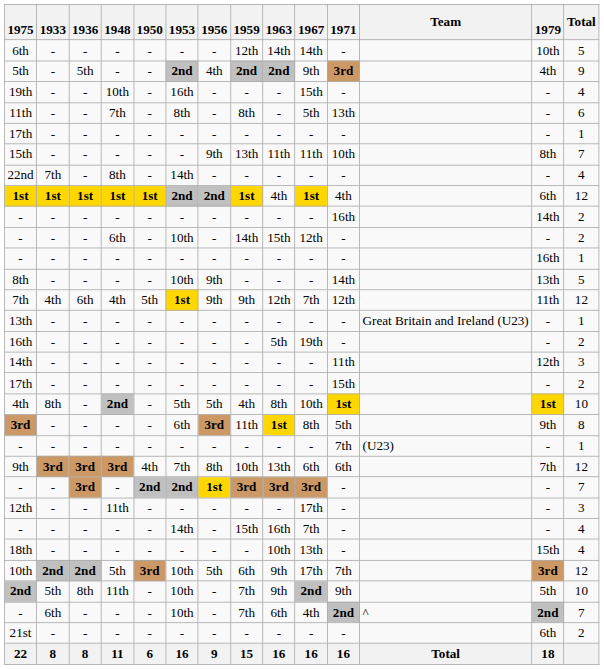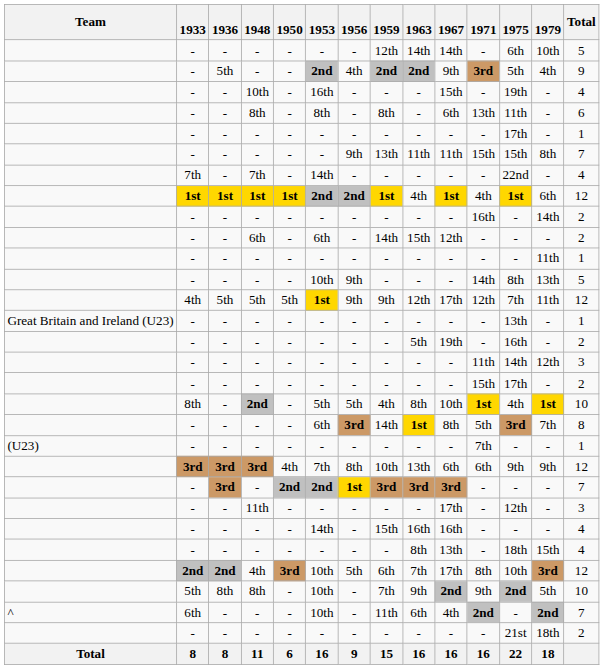 <table class=wikitable style="text-align:center">
 <tr>
-<th><br>1975</th>
+<th>Team</th>
 <th><br>1933</th>
 <th><br>1936</th>
 <th><br>1948</th>
 <th><br>1950</th>
 <th><br>1953</th>
 <th><br>1956</th>
 <th><br>1959</th>
 <th><br>1963</th>
 <th><br>1967</th>
 <th><br>1971</th>
-<th>Team</th>
+<th><br>1975</th>
 <th><br>1979</th>
 <th>Total</th>
 </tr>
 <tr>
-<td>6th</td>
+<td align=left></td>
 <td>-</td>
 <td>-</td>
 <td>-</td>
 <td>-</td>
 <td>-</td>
 <td>-</td>
 <td>12th</td>
 <td>14th</td>
 <td>14th</td>
 <td>-</td>
-<td align=left></td>
+<td>6th</td>
 <td>10th</td>
 <td>5</td>
 </tr>
 <tr>
-<td>5th</td>
+<td align=left></td>
 <td>-</td>
 <td>5th</td>
 <td>-</td>
 <td>-</td>
 <td bgcolor=silver><strong>2nd</strong></td>
 <td>4th</td>
 <td bgcolor=silver><strong>2nd</strong></td>
 <td bgcolor=silver><strong>2nd</strong></td>
 <td>9th</td>
 <td bgcolor=#cc9966><strong>3rd</strong></td>
-<td align=left></td>
+<td>5th</td>
 <td>4th</td>
 <td>9</td>
 </tr>
 <tr>
-<td>19th</td>
+<td align=left></td>
 <td>-</td>
 <td>-</td>
 <td>10th</td>
 <td>-</td>
 <td>16th</td>
 <td>-</td>
 <td>-</td>
 <td>-</td>
 <td>15th</td>
 <td>-</td>
-<td align=left></td>
+<td>19th</td>
 <td>-</td>
 <td>4</td>
 </tr>
 <tr>
-<td>11th</td>
+<td align=left></td>
 <td>-</td>
-<td>-</td>
-<td>7th</td>
 <td>-</td>
 <td>8th</td>
 <td>-</td>
 <td>8th</td>
 <td>-</td>
-<td>5th</td>
+<td>8th</td>
+<td>-</td>
+<td>6th</td>
 <td>13th</td>
-<td align=left></td>
+<td>11th</td>
 <td>-</td>
 <td>6</td>
 </tr>
 <tr>
-<td 20th>17th</td>
+<td align=left></td>
 <td>-</td>
 <td>-</td>
 <td>-</td>
 <td>-</td>
 <td>-</td>
 <td>-</td>
 <td>-</td>
 <td>-</td>
 <td>-</td>
 <td>-</td>
-<td align=left></td>
+<td 20th>17th</td>
 <td>-</td>
 <td>1</td>
 </tr>
 <tr>
-<td>15th</td>
+<td align=left></td>
 <td>-</td>
 <td>-</td>
 <td>-</td>
 <td>-</td>
 <td>-</td>
 <td>9th</td>
 <td>13th</td>
 <td>11th</td>
 <td>11th</td>
-<td>10th</td>
-<td align=left></td>
+<td>15th</td>
+<td>15th</td>
 <td>8th</td>
 <td>7</td>
 </tr>
 <tr>
-<td>22nd</td>
+<td align=left></td>
 <td>7th</td>
 <td>-</td>
-<td>8th</td>
+<td>7th</td>
 <td>-</td>
 <td>14th</td>
 <td>-</td>
 <td>-</td>
 <td>-</td>
 <td>-</td>
 <td>-</td>
-<td align=left></td>
+<td>22nd</td>
 <td>-</td>
 <td>4</td>
 </tr>
 <tr>
-<td bgcolor="gold"><strong>1st</strong></td>
+<td align="left"></td>
 <td bgcolor="gold"><strong>1st</strong></td>
 <td bgcolor="gold"><strong>1st</strong></td>
 <td bgcolor="gold"><strong>1st</strong></td>
 <td bgcolor="gold"><strong>1st</strong></td>
 <td bgcolor="silver"><strong>2nd</strong></td>
 <td bgcolor="silver"><strong>2nd</strong></td>
 <td bgcolor="gold"><strong>1st</strong></td>
 <td>4th</td>
 <td bgcolor="gold"><strong>1st</strong></td>
 <td>4th</td>
-<td align="left"></td>
+<td bgcolor="gold"><strong>1st</strong></td>
 <td>6th</td>
 <td>12</td>
 </tr>
 <tr>
-<td>-</td>
+<td align="left"></td>
 <td>-</td>
 <td>-</td>
 <td>-</td>
 <td>-</td>
 <td>-</td>
 <td>-</td>
 <td>-</td>
 <td>-</td>
 <td>-</td>
 <td>16th</td>
-<td align="left"></td>
+<td>-</td>
 <td>14th</td>
 <td>2</td>
 </tr>
 <tr>
-<td>-</td>
+<td align="left"></td>
 <td>-</td>
 <td>-</td>
 <td>6th</td>
 <td>-</td>
-<td>10th</td>
+<td>6th</td>
 <td>-</td>
 <td>14th</td>
 <td>15th</td>
 <td>12th</td>
 <td>-</td>
-<td align="left"></td>
+<td>-</td>
 <td>-</td>
 <td>2</td>
 </tr>
 <tr>
+<td align="left"></td>
 <td>-</td>
 <td>-</td>
 <td>-</td>
 <td>-</td>
 <td>-</td>
 <td>-</td>
 <td>-</td>
 <td>-</td>
 <td>-</td>
 <td>-</td>
 <td>-</td>
-<td align="left"></td>
-<td>16th</td>
+<td>11th</td>
 <td>1</td>
 </tr>
 <tr>
-<td>8th</td>
+<td align="left"></td>
 <td>-</td>
 <td>-</td>
 <td>-</td>
 <td>-</td>
 <td>10th</td>
 <td>9th</td>
 <td>-</td>
 <td>-</td>
 <td>-</td>
 <td>14th</td>
-<td align="left"></td>
+<td>8th</td>
 <td>13th</td>
 <td>5</td>
 </tr>
 <tr>
-<td>7th</td>
+<td align="left"></td>
 <td>4th</td>
-<td>6th</td>
-<td>4th</td>
+<td>5th</td>
+<td>5th</td>
 <td>5th</td>
 <td bgcolor="gold"><strong>1st</strong></td>
 <td>9th</td>
 <td>9th</td>
 <td>12th</td>
+<td>17th</td>
+<td>12th</td>
 <td>7th</td>
-<td>12th</td>
-<td align="left"></td>
 <td>11th</td>
 <td>12</td>
 </tr>
 <tr>
-<td>13th</td>
+<td align=left>Great Britain and Ireland (U23)</td>
 <td>-</td>
 <td>-</td>
 <td>-</td>
 <td>-</td>
 <td>-</td>
 <td>-</td>
 <td>-</td>
 <td>-</td>
 <td>-</td>
 <td>-</td>
-<td align=left>Great Britain and Ireland (U23)</td>
+<td>13th</td>
 <td>-</td>
 <td>1</td>
 </tr>
 <tr>
-<td>16th</td>
+<td align=left></td>
 <td>-</td>
 <td>-</td>
 <td>-</td>
 <td>-</td>
 <td>-</td>
 <td>-</td>
 <td>-</td>
 <td>5th</td>
 <td>19th</td>
 <td>-</td>
-<td align=left></td>
+<td>16th</td>
 <td>-</td>
 <td>2</td>
 </tr>
 <tr>
-<td>14th</td>
+<td align=left></td>
 <td>-</td>
 <td>-</td>
 <td>-</td>
 <td>-</td>
 <td>-</td>
 <td>-</td>
 <td>-</td>
 <td>-</td>
 <td>-</td>
 <td>11th</td>
-<td align=left></td>
+<td>14th</td>
 <td>12th</td>
 <td>3</td>
 </tr>
 <tr>
-<td>17th</td>
+<td align=left></td>
 <td>-</td>
 <td>-</td>
 <td>-</td>
 <td>-</td>
 <td>-</td>
 <td>-</td>
 <td>-</td>
 <td>-</td>
 <td>-</td>
 <td>15th</td>
-<td align=left></td>
+<td>17th</td>
 <td>-</td>
 <td>2</td>
 </tr>
 <tr>
-<td>4th</td>
+<td align=left></td>
 <td>8th</td>
 <td>-</td>
 <td bgcolor=silver><strong>2nd</strong></td>
 <td>-</td>
 <td>5th</td>
 <td>5th</td>
 <td>4th</td>
 <td>8th</td>
 <td>10th</td>
 <td bgcolor=gold><strong>1st</strong></td>
-<td align=left></td>
+<td>4th</td>
 <td bgcolor=gold><strong>1st</strong></td>
 <td>10</td>
 </tr>
 <tr>
-<td bgcolor=#cc9966><strong>3rd</strong></td>
+<td align=left></td>
 <td>-</td>
 <td>-</td>
 <td>-</td>
 <td>-</td>
 <td>6th</td>
 <td bgcolor=#cc9966><strong>3rd</strong></td>
-<td>11th</td>
+<td>14th</td>
 <td bgcolor=gold><strong>1st</strong></td>
 <td>8th</td>
 <td>5th</td>
-<td align=left></td>
-<td>9th</td>
+<td bgcolor=#cc9966><strong>3rd</strong></td>
+<td>7th</td>
 <td>8</td>
 </tr>
 <tr>
+<td align=left> (U23)</td>
+<td>-</td>
+<td>-</td>
+<td>-</td>
+<td>-</td>
+<td>-</td>
+<td>-</td>
+<td>-</td>
+<td>-</td>
+<td>-</td>
+<td>7th</td>
+<td>-</td>
+<td>-</td>
+<td>1</td>
+</tr>
+<tr>
+<td align=left></td>
+<td bgcolor=#cc9966><strong>3rd</strong></td>
+<td bgcolor=#cc9966><strong>3rd</strong></td>
+<td bgcolor=#cc9966><strong>3rd</strong></td>
+<td>4th</td>
+<td>7th</td>
+<td>8th</td>
+<td>10th</td>
+<td>13th</td>
+<td>6th</td>
+<td>6th</td>
+<td>9th</td>
+<td>9th</td>
+<td>12</td>
+</tr>
+<tr>
+<td align=left></td>
+<td>-</td>
+<td bgcolor=#cc9966><strong>3rd</strong></td>
+<td>-</td>
+<td bgcolor=silver><strong>2nd</strong></td>
+<td bgcolor=silver><strong>2nd</strong></td>
+<td bgcolor=gold><strong>1st</strong></td>
+<td bgcolor=#cc9966><strong>3rd</strong></td>
+<td bgcolor=#cc9966><strong>3rd</strong></td>
+<td bgcolor=#cc9966><strong>3rd</strong></td>
+<td>-</td>
+<td>-</td>
+<td>-</td>
+<td>7</td>
+</tr>
+<tr>
+<td align="left"></td>
+<td>-</td>
+<td>-</td>
+<td>11th</td>
+<td>-</td>
+<td>-</td>
+<td>-</td>
+<td>-</td>
+<td>-</td>
+<td>17th</td>
+<td>-</td>
+<td>12th</td>
+<td>-</td>
+<td>3</td>
+</tr>
+<tr>
+<td align="left"></td>
+<td>-</td>
+<td>-</td>
+<td>-</td>
+<td>-</td>
+<td>14th</td>
+<td>-</td>
+<td>15th</td>
+<td>16th</td>
+<td>16th</td>
+<td>-</td>
+<td>-</td>
+<td>-</td>
+<td>4</td>
+</tr>
+<tr>
+<td align=left></td>
+<td>-</td>
+<td>-</td>
+<td>-</td>
+<td>-</td>
+<td>-</td>
+<td>-</td>
+<td>-</td>
+<td>8th</td>
+<td>13th</td>
+<td>-</td>
+<td>18th</td>
+<td>15th</td>
+<td>4</td>
+</tr>
+<tr>
+<td align=left></td>
+<td bgcolor=silver><strong>2nd</strong></td>
+<td bgcolor=silver><strong>2nd</strong></td>
+<td>4th</td>
+<td bgcolor=#cc9966><strong>3rd</strong></td>
+<td>10th</td>
+<td>5th</td>
+<td>6th</td>
+<td>7th</td>
+<td>17th</td>
+<td>8th</td>
+<td>10th</td>
+<td bgcolor=#cc9966><strong>3rd</strong></td>
+<td>12</td>
+</tr>
+<tr>
+<td align=left></td>
+<td>5th</td>
+<td>8th</td>
+<td>8th</td>
+<td>-</td>
+<td>10th</td>
+<td>-</td>
+<td>7th</td>
+<td>9th</td>
+<td bgcolor=silver><strong>2nd</strong></td>
+<td>9th</td>
+<td bgcolor=silver><strong>2nd</strong></td>
+<td>5th</td>
+<td>10</td>
+</tr>
+<tr>
+<td align=left>^</td>
+<td>6th</td>
+<td>-</td>
+<td>-</td>
+<td>-</td>
+<td>10th</td>
+<td>-</td>
+<td>11th</td>
+<td>6th</td>
+<td>4th</td>
+<td bgcolor=silver><strong>2nd</strong></td>
+<td>-</td>
+<td bgcolor=silver><strong>2nd</strong></td>
+<td>7</td>
+</tr>
+<tr>
+<td align=left></td>
 <td>-</td>
 <td>-</td>
 <td>-</td>
 <td>-</td>
 <td>-</td>
 <td>-</td>
 <td>-</td>
 <td>-</td>
 <td>-</td>
 <td>-</td>
-<td>7th</td>
-<td align=left> (U23)</td>
-<td>-</td>
-<td>1</td>
-</tr>
-<tr>
-<td>9th</td>
-<td bgcolor=#cc9966><strong>3rd</strong></td>
-<td bgcolor=#cc9966><strong>3rd</strong></td>
-<td bgcolor=#cc9966><strong>3rd</strong></td>
-<td>4th</td>
-<td>7th</td>
-<td>8th</td>
-<td>10th</td>
-<td>13th</td>
-<td>6th</td>
-<td>6th</td>
-<td align=left></td>
-<td>7th</td>
-<td>12</td>
-</tr>
-<tr>
-<td>-</td>
-<td>-</td>
-<td bgcolor=#cc9966><strong>3rd</strong></td>
-<td>-</td>
-<td bgcolor=silver><strong>2nd</strong></td>
-<td bgcolor=silver><strong>2nd</strong></td>
-<td bgcolor=gold><strong>1st</strong></td>
-<td bgcolor=#cc9966><strong>3rd</strong></td>
-<td bgcolor=#cc9966><strong>3rd</strong></td>
-<td bgcolor=#cc9966><strong>3rd</strong></td>
-<td>-</td>
-<td align=left></td>
-<td>-</td>
-<td>7</td>
-</tr>
-<tr>
-<td>12th</td>
-<td>-</td>
-<td>-</td>
-<td>11th</td>
-<td>-</td>
-<td>-</td>
-<td>-</td>
-<td>-</td>
-<td>-</td>
-<td>17th</td>
-<td>-</td>
-<td align="left"></td>
-<td>-</td>
-<td>3</td>
-</tr>
-<tr>
-<td>-</td>
-<td>-</td>
-<td>-</td>
-<td>-</td>
-<td>-</td>
-<td>14th</td>
-<td>-</td>
-<td>15th</td>
-<td>16th</td>
-<td>7th</td>
-<td>-</td>
-<td align="left"></td>
-<td>-</td>
-<td>4</td>
-</tr>
-<tr>
+<td>21st</td>
 <td>18th</td>
-<td>-</td>
-<td>-</td>
-<td>-</td>
-<td>-</td>
-<td>-</td>
-<td>-</td>
-<td>-</td>
-<td>10th</td>
-<td>13th</td>
-<td>-</td>
-<td align=left></td>
-<td>15th</td>
-<td>4</td>
-</tr>
-<tr>
-<td>10th</td>
-<td bgcolor=silver><strong>2nd</strong></td>
-<td bgcolor=silver><strong>2nd</strong></td>
-<td>5th</td>
-<td bgcolor=#cc9966><strong>3rd</strong></td>
-<td>10th</td>
-<td>5th</td>
-<td>6th</td>
-<td>9th</td>
-<td>17th</td>
-<td>7th</td>
-<td align=left></td>
-<td bgcolor=#cc9966><strong>3rd</strong></td>
-<td>12</td>
-</tr>
-<tr>
-<td bgcolor=silver><strong>2nd</strong></td>
-<td>5th</td>
-<td>8th</td>
-<td>11th</td>
-<td>-</td>
-<td>10th</td>
-<td>-</td>
-<td>7th</td>
-<td>9th</td>
-<td bgcolor=silver><strong>2nd</strong></td>
-<td>9th</td>
-<td align=left></td>
-<td>5th</td>
-<td>10</td>
-</tr>
-<tr>
-<td>-</td>
-<td>6th</td>
-<td>-</td>
-<td>-</td>
-<td>-</td>
-<td>10th</td>
-<td>-</td>
-<td>7th</td>
-<td>6th</td>
-<td>4th</td>
-<td bgcolor=silver><strong>2nd</strong></td>
-<td align=left>^</td>
-<td bgcolor=silver><strong>2nd</strong></td>
-<td>7</td>
-</tr>
-<tr>
-<td>21st</td>
-<td>-</td>
-<td>-</td>
-<td>-</td>
-<td>-</td>
-<td>-</td>
-<td>-</td>
-<td>-</td>
-<td>-</td>
-<td>-</td>
-<td>-</td>
-<td align=left></td>
-<td>6th</td>
 <td>2</td>
 </tr>
 <tr>
-<th>22</th>
+<th>Total</th>
 <th>8</th>
 <th>8</th>
 <th>11</th>
 <th>6</th>
 <th>16</th>
 <th>9</th>
 <th>15</th>
 <th>16</th>
 <th>16</th>
 <th>16</th>
-<th>Total</th>
+<th>22</th>
 <th>18</th>
 <th></th>
 </tr>
 </table>
